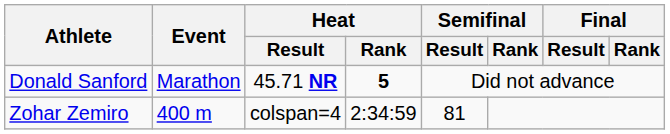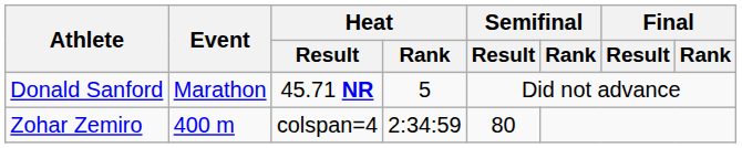 <table class="wikitable" style="font-size:90%">
 <tr>
 <th rowspan="2">Athlete</th>
 <th rowspan="2">Event</th>
 <th colspan="2">Heat</th>
 <th colspan="2">Semifinal</th>
 <th colspan="2">Final</th>
 </tr>
 <tr style="font-size:95%">
 <th>Result</th>
 <th>Rank</th>
 <th>Result</th>
 <th>Rank</th>
 <th>Result</th>
 <th>Rank</th>
 </tr>
 <tr align=center>
 <td align=left><a href='#'>Donald Sanford</a></td>
 <td align=left><a href='#'>Marathon</a></td>
 <td>45.71 <strong><a href='#'>NR</a></strong></td>
-<td><strong>5</strong></td>
+<td>5</td>
 <td colspan=4>Did not advance</td>
 </tr>
 <tr align=center>
 <td align=left><a href='#'>Zohar Zemiro</a></td>
 <td align=left><a href='#'>400 m</a></td>
 <td>colspan=4 </td>
 <td>2:34:59</td>
-<td>81</td>
+<td>80</td>
 </tr>
 </table>
